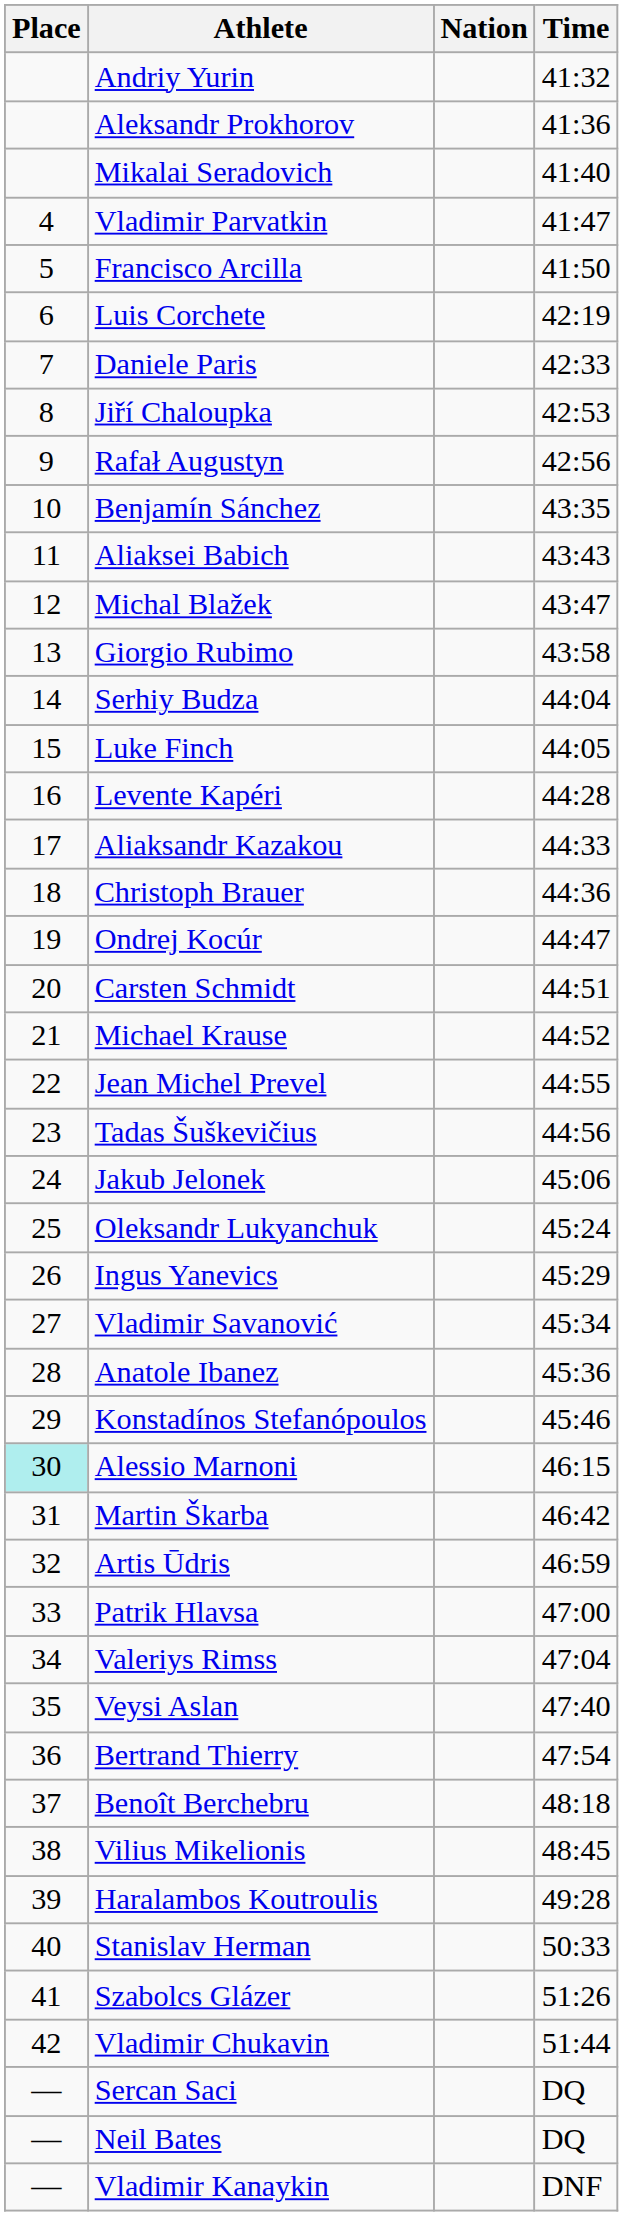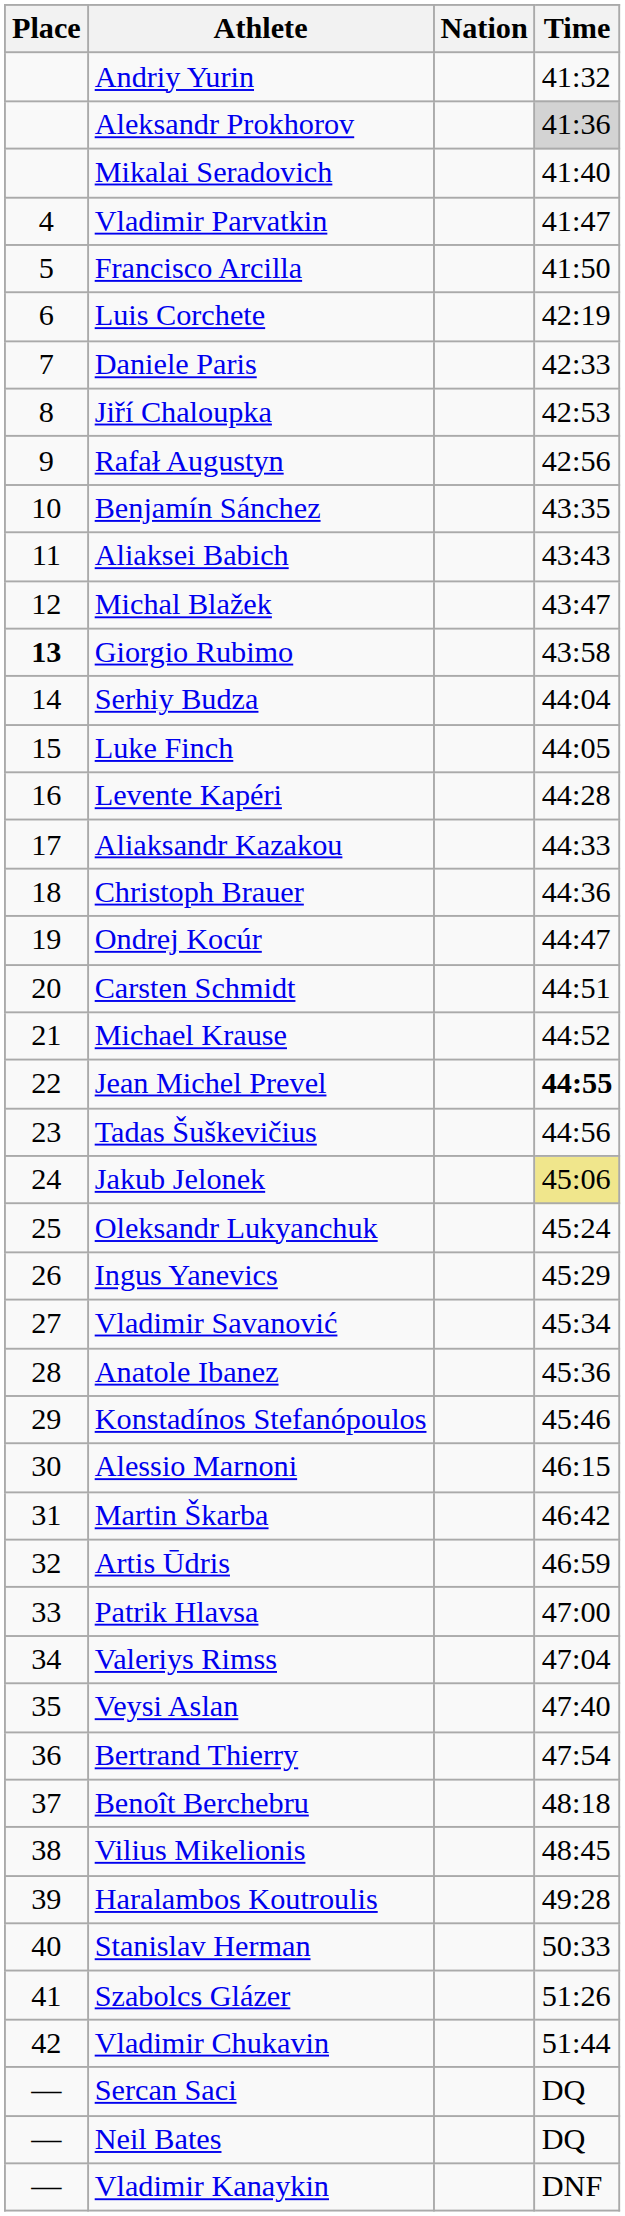 <table class=wikitable>
 <tr>
 <th>Place</th>
 <th>Athlete</th>
 <th>Nation</th>
 <th>Time</th>
 </tr>
 <tr>
 <td align=center></td>
 <td><a href='#'>Andriy Yurin</a></td>
 <td></td>
 <td>41:32</td>
 </tr>
 <tr>
 <td align=center></td>
 <td><a href='#'>Aleksandr Prokhorov</a></td>
 <td></td>
-<td>41:36</td>
+<td style="background: lightgrey;">41:36</td>
 </tr>
 <tr>
 <td align=center></td>
 <td><a href='#'>Mikalai Seradovich</a></td>
 <td></td>
 <td>41:40</td>
 </tr>
 <tr>
 <td align=center>4</td>
 <td><a href='#'>Vladimir Parvatkin</a></td>
 <td></td>
 <td>41:47</td>
 </tr>
 <tr>
 <td align=center>5</td>
 <td><a href='#'>Francisco Arcilla</a></td>
 <td></td>
 <td>41:50</td>
 </tr>
 <tr>
 <td align=center>6</td>
 <td><a href='#'>Luis Corchete</a></td>
 <td></td>
 <td>42:19</td>
 </tr>
 <tr>
 <td align=center>7</td>
 <td><a href='#'>Daniele Paris</a></td>
 <td></td>
 <td>42:33</td>
 </tr>
 <tr>
 <td align=center>8</td>
 <td><a href='#'>Jiří Chaloupka</a></td>
 <td></td>
 <td>42:53</td>
 </tr>
 <tr>
 <td align=center>9</td>
 <td><a href='#'>Rafał Augustyn</a></td>
 <td></td>
 <td>42:56</td>
 </tr>
 <tr>
 <td align=center>10</td>
 <td><a href='#'>Benjamín Sánchez</a></td>
 <td></td>
 <td>43:35</td>
 </tr>
 <tr>
 <td align=center>11</td>
 <td><a href='#'>Aliaksei Babich</a></td>
 <td></td>
 <td>43:43</td>
 </tr>
 <tr>
 <td align=center>12</td>
 <td><a href='#'>Michal Blažek</a></td>
 <td></td>
 <td>43:47</td>
 </tr>
 <tr>
-<td align=center>13</td>
+<td align=center><strong>13</strong></td>
 <td><a href='#'>Giorgio Rubimo</a></td>
 <td></td>
 <td>43:58</td>
 </tr>
 <tr>
 <td align=center>14</td>
 <td><a href='#'>Serhiy Budza</a></td>
 <td></td>
 <td>44:04</td>
 </tr>
 <tr>
 <td align=center>15</td>
 <td><a href='#'>Luke Finch</a></td>
 <td></td>
 <td>44:05</td>
 </tr>
 <tr>
 <td align=center>16</td>
 <td><a href='#'>Levente Kapéri</a></td>
 <td></td>
 <td>44:28</td>
 </tr>
 <tr>
 <td align=center>17</td>
 <td><a href='#'>Aliaksandr Kazakou</a></td>
 <td></td>
 <td>44:33</td>
 </tr>
 <tr>
 <td align=center>18</td>
 <td><a href='#'>Christoph Brauer</a></td>
 <td></td>
 <td>44:36</td>
 </tr>
 <tr>
 <td align=center>19</td>
 <td><a href='#'>Ondrej Kocúr</a></td>
 <td></td>
 <td>44:47</td>
 </tr>
 <tr>
 <td align=center>20</td>
 <td><a href='#'>Carsten Schmidt</a></td>
 <td></td>
 <td>44:51</td>
 </tr>
 <tr>
 <td align=center>21</td>
 <td><a href='#'>Michael Krause</a></td>
 <td></td>
 <td>44:52</td>
 </tr>
 <tr>
 <td align=center>22</td>
 <td><a href='#'>Jean Michel Prevel</a></td>
 <td></td>
-<td>44:55</td>
+<td><strong>44:55</strong></td>
 </tr>
 <tr>
 <td align=center>23</td>
 <td><a href='#'>Tadas Šuškevičius</a></td>
 <td></td>
 <td>44:56</td>
 </tr>
 <tr>
 <td align=center>24</td>
 <td><a href='#'>Jakub Jelonek</a></td>
 <td></td>
-<td>45:06</td>
+<td style="background: khaki;">45:06</td>
 </tr>
 <tr>
 <td align=center>25</td>
 <td><a href='#'>Oleksandr Lukyanchuk</a></td>
 <td></td>
 <td>45:24</td>
 </tr>
 <tr>
 <td align=center>26</td>
 <td><a href='#'>Ingus Yanevics</a></td>
 <td></td>
 <td>45:29</td>
 </tr>
 <tr>
 <td align=center>27</td>
 <td><a href='#'>Vladimir Savanović</a></td>
 <td></td>
 <td>45:34</td>
 </tr>
 <tr>
 <td align=center>28</td>
 <td><a href='#'>Anatole Ibanez</a></td>
 <td></td>
 <td>45:36</td>
 </tr>
 <tr>
 <td align=center>29</td>
 <td><a href='#'>Konstadínos Stefanópoulos</a></td>
 <td></td>
 <td>45:46</td>
 </tr>
 <tr>
-<td align=center style="background: paleturquoise;">30</td>
+<td align=center>30</td>
 <td><a href='#'>Alessio Marnoni</a></td>
 <td></td>
 <td>46:15</td>
 </tr>
 <tr>
 <td align=center>31</td>
 <td><a href='#'>Martin Škarba</a></td>
 <td></td>
 <td>46:42</td>
 </tr>
 <tr>
 <td align=center>32</td>
 <td><a href='#'>Artis Ūdris</a></td>
 <td></td>
 <td>46:59</td>
 </tr>
 <tr>
 <td align=center>33</td>
 <td><a href='#'>Patrik Hlavsa</a></td>
 <td></td>
 <td>47:00</td>
 </tr>
 <tr>
 <td align=center>34</td>
 <td><a href='#'>Valeriys Rimss</a></td>
 <td></td>
 <td>47:04</td>
 </tr>
 <tr>
 <td align=center>35</td>
 <td><a href='#'>Veysi Aslan</a></td>
 <td></td>
 <td>47:40</td>
 </tr>
 <tr>
 <td align=center>36</td>
 <td><a href='#'>Bertrand Thierry</a></td>
 <td></td>
 <td>47:54</td>
 </tr>
 <tr>
 <td align=center>37</td>
 <td><a href='#'>Benoît Berchebru</a></td>
 <td></td>
 <td>48:18</td>
 </tr>
 <tr>
 <td align=center>38</td>
 <td><a href='#'>Vilius Mikelionis</a></td>
 <td></td>
 <td>48:45</td>
 </tr>
 <tr>
 <td align=center>39</td>
 <td><a href='#'>Haralambos Koutroulis</a></td>
 <td></td>
 <td>49:28</td>
 </tr>
 <tr>
 <td align=center>40</td>
 <td><a href='#'>Stanislav Herman</a></td>
 <td></td>
 <td>50:33</td>
 </tr>
 <tr>
 <td align=center>41</td>
 <td><a href='#'>Szabolcs Glázer</a></td>
 <td></td>
 <td>51:26</td>
 </tr>
 <tr>
 <td align=center>42</td>
 <td><a href='#'>Vladimir Chukavin</a></td>
 <td></td>
 <td>51:44</td>
 </tr>
 <tr>
 <td align=center>—</td>
 <td><a href='#'>Sercan Saci</a></td>
 <td></td>
 <td>DQ</td>
 </tr>
 <tr>
 <td align=center>—</td>
 <td><a href='#'>Neil Bates</a></td>
 <td></td>
 <td>DQ</td>
 </tr>
 <tr>
 <td align=center>—</td>
 <td><a href='#'>Vladimir Kanaykin</a></td>
 <td></td>
 <td>DNF</td>
 </tr>
 </table>
